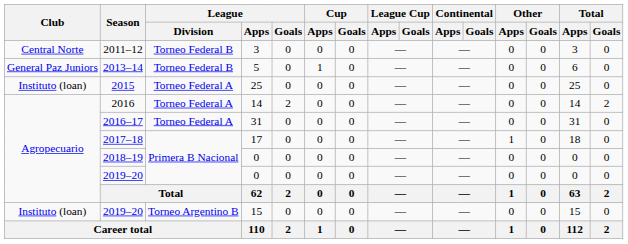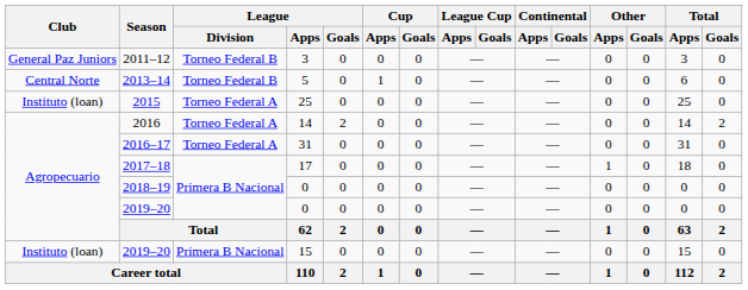 <table class="wikitable" style="text-align:center">
 <tr>
 <th rowspan="2">Club</th>
 <th rowspan="2">Season</th>
 <th colspan="3">League</th>
 <th colspan="2">Cup</th>
 <th colspan="2">League Cup</th>
 <th colspan="2">Continental</th>
 <th colspan="2">Other</th>
 <th colspan="2">Total</th>
 </tr>
 <tr>
 <th>Division</th>
 <th>Apps</th>
 <th>Goals</th>
 <th>Apps</th>
 <th>Goals</th>
 <th>Apps</th>
 <th>Goals</th>
 <th>Apps</th>
 <th>Goals</th>
 <th>Apps</th>
 <th>Goals</th>
 <th>Apps</th>
 <th>Goals</th>
 </tr>
 <tr>
-<td rowspan="1"><a href='#'>Central Norte</a></td>
+<td rowspan="1"><a href='#'>General Paz Juniors</a></td>
 <td>2011–12</td>
 <td rowspan="1"><a href='#'>Torneo Federal B</a></td>
 <td>3</td>
 <td>0</td>
 <td>0</td>
 <td>0</td>
 <td colspan="2">—</td>
 <td colspan="2">—</td>
 <td>0</td>
 <td>0</td>
 <td>3</td>
 <td>0</td>
 </tr>
 <tr>
-<td rowspan="1"><a href='#'>General Paz Juniors</a></td>
+<td rowspan="1"><a href='#'>Central Norte</a></td>
 <td><a href='#'>2013–14</a></td>
 <td rowspan="1"><a href='#'>Torneo Federal B</a></td>
 <td>5</td>
 <td>0</td>
 <td>1</td>
 <td>0</td>
 <td colspan="2">—</td>
 <td colspan="2">—</td>
 <td>0</td>
 <td>0</td>
 <td>6</td>
 <td>0</td>
 </tr>
 <tr>
 <td rowspan="1"><a href='#'>Instituto</a> (loan)</td>
 <td><a href='#'>2015</a></td>
 <td rowspan="1"><a href='#'>Torneo Federal A</a></td>
 <td>25</td>
 <td>0</td>
 <td>0</td>
 <td>0</td>
 <td colspan="2">—</td>
 <td colspan="2">—</td>
 <td>0</td>
 <td>0</td>
 <td>25</td>
 <td>0</td>
 </tr>
 <tr>
 <td rowspan="6"><a href='#'>Agropecuario</a></td>
 <td>2016</td>
 <td rowspan="1"><a href='#'>Torneo Federal A</a></td>
 <td>14</td>
 <td>2</td>
 <td>0</td>
 <td>0</td>
 <td colspan="2">—</td>
 <td colspan="2">—</td>
 <td>0</td>
 <td>0</td>
 <td>14</td>
 <td>2</td>
 </tr>
 <tr>
 <td><a href='#'>2016–17</a></td>
 <td rowspan="1"><a href='#'>Torneo Federal A</a></td>
 <td>31</td>
 <td>0</td>
 <td>0</td>
 <td>0</td>
 <td colspan="2">—</td>
 <td colspan="2">—</td>
 <td>0</td>
 <td>0</td>
 <td>31</td>
 <td>0</td>
 </tr>
 <tr>
 <td><a href='#'>2017–18</a></td>
 <td rowspan="3"><a href='#'>Primera B Nacional</a></td>
 <td>17</td>
 <td>0</td>
 <td>0</td>
 <td>0</td>
 <td colspan="2">—</td>
 <td colspan="2">—</td>
 <td>1</td>
 <td>0</td>
 <td>18</td>
 <td>0</td>
 </tr>
 <tr>
 <td><a href='#'>2018–19</a></td>
 <td>0</td>
 <td>0</td>
 <td>0</td>
 <td>0</td>
 <td colspan="2">—</td>
 <td colspan="2">—</td>
 <td>0</td>
 <td>0</td>
 <td>0</td>
 <td>0</td>
 </tr>
 <tr>
 <td><a href='#'>2019–20</a></td>
 <td>0</td>
 <td>0</td>
 <td>0</td>
 <td>0</td>
 <td colspan="2">—</td>
 <td colspan="2">—</td>
 <td>0</td>
 <td>0</td>
 <td>0</td>
 <td>0</td>
 </tr>
 <tr>
 <th colspan="2">Total</th>
 <th>62</th>
 <th>2</th>
 <th>0</th>
 <th>0</th>
 <th colspan="2">—</th>
 <th colspan="2">—</th>
 <th>1</th>
 <th>0</th>
 <th>63</th>
 <th>2</th>
 </tr>
 <tr>
 <td rowspan="1"><a href='#'>Instituto</a> (loan)</td>
 <td><a href='#'>2019–20</a></td>
-<td rowspan="1"><a href='#'>Torneo Argentino B</a></td>
+<td rowspan="1"><a href='#'>Primera B Nacional</a></td>
 <td>15</td>
 <td>0</td>
 <td>0</td>
 <td>0</td>
 <td colspan="2">—</td>
 <td colspan="2">—</td>
 <td>0</td>
 <td>0</td>
 <td>15</td>
 <td>0</td>
 </tr>
 <tr>
 <th colspan="3">Career total</th>
 <th>110</th>
 <th>2</th>
 <th>1</th>
 <th>0</th>
 <th colspan="2">—</th>
 <th colspan="2">—</th>
 <th>1</th>
 <th>0</th>
 <th>112</th>
 <th>2</th>
 </tr>
 </table>
